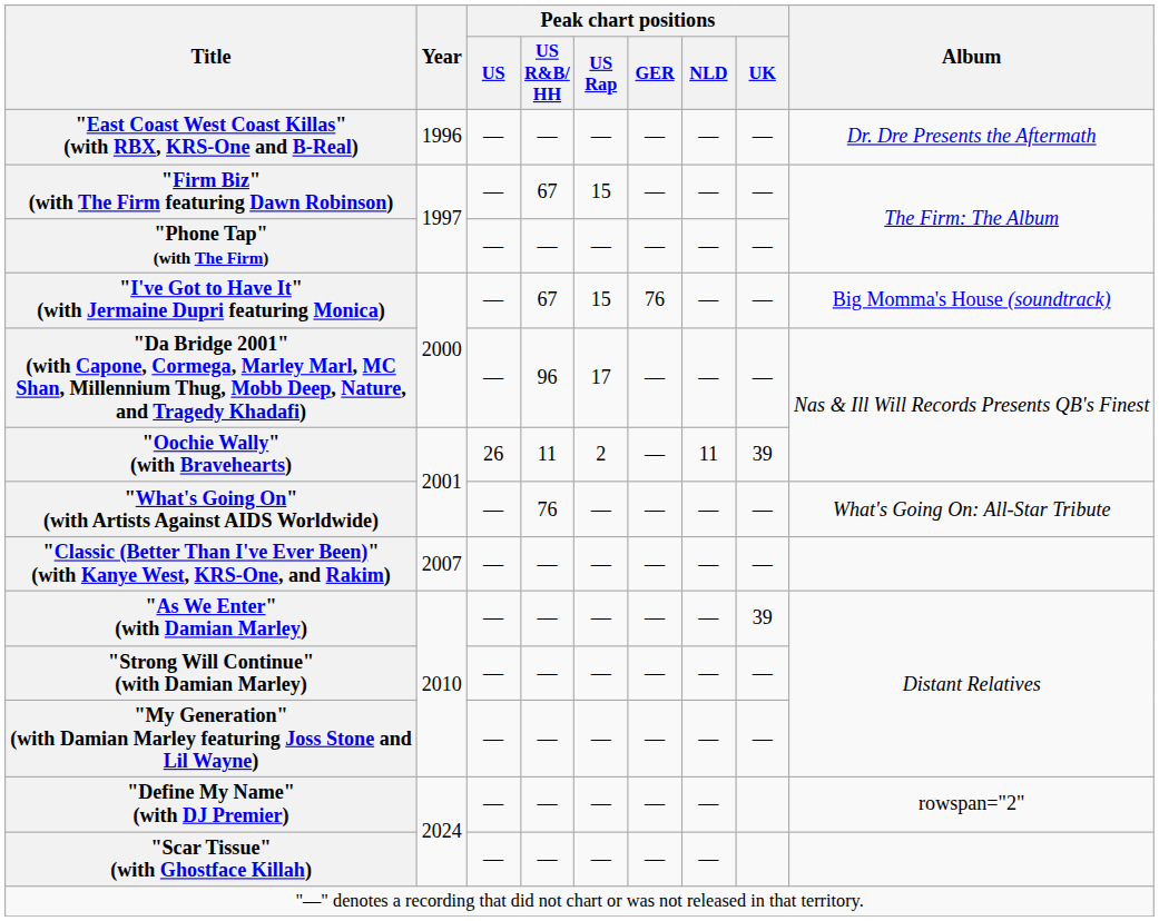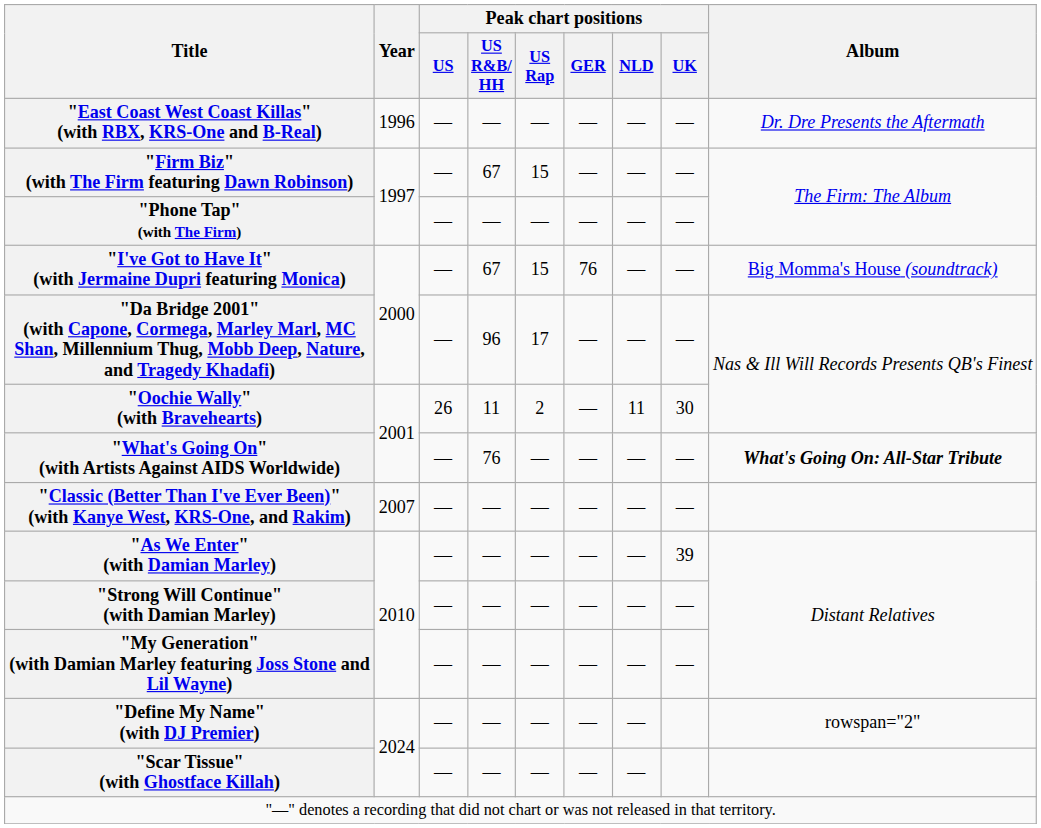 <table class="wikitable plainrowheaders" style="text-align:center;">
 <tr>
 <th scope="col" rowspan="2" style="width:20em;">Title</th>
 <th scope="col" rowspan="2">Year</th>
 <th scope="col" colspan="6">Peak chart positions</th>
 <th scope="col" rowspan="2">Album</th>
 </tr>
 <tr>
 <th scope="col" style="width:2.5em;font-size:90%;"><a href='#'>US</a><br></th>
 <th scope="col" style="width:2.5em;font-size:90%;"><a href='#'>US<br>R&B/<br>HH</a><br></th>
 <th scope="col" style="width:2.5em;font-size:90%;"><a href='#'>US<br>Rap</a><br></th>
 <th scope="col" style="width:2.5em;font-size:90%;"><a href='#'>GER</a><br></th>
 <th scope="col" style="width:2.5em;font-size:90%;"><a href='#'>NLD</a><br></th>
 <th scope="col" style="width:2.5em;font-size:90%;"><a href='#'>UK</a><br></th>
 </tr>
 <tr>
 <th scope="row">"<a href='#'>East Coast West Coast Killas</a>"<br><span>(with <a href='#'>RBX</a>, <a href='#'>KRS-One</a> and <a href='#'>B-Real</a>)</span></th>
 <td>1996</td>
 <td>—</td>
 <td>—</td>
 <td>—</td>
 <td>—</td>
 <td>—</td>
 <td>—</td>
 <td><em><a href='#'>Dr. Dre Presents the Aftermath</a></em></td>
 </tr>
 <tr>
 <th scope="row">"<a href='#'>Firm Biz</a>"<br><span>(with <a href='#'>The Firm</a> featuring <a href='#'>Dawn Robinson</a>)</span></th>
 <td rowspan="2">1997</td>
 <td>—</td>
 <td>67</td>
 <td>15</td>
 <td>—</td>
 <td>—</td>
 <td>—</td>
 <td rowspan="2"><em><a href='#'>The Firm: The Album</a></em></td>
 </tr>
 <tr>
 <th scope="row">"Phone Tap"<br><small>(with <a href='#'>The Firm</a>)</small></th>
 <td>—</td>
 <td>—</td>
 <td>—</td>
 <td>—</td>
 <td>—</td>
 <td>—</td>
 </tr>
 <tr>
 <th scope="row">"<a href='#'>I've Got to Have It</a>"<br><span>(with <a href='#'>Jermaine Dupri</a> featuring <a href='#'>Monica</a>)</span></th>
 <td rowspan="2">2000</td>
 <td>—</td>
 <td>67</td>
 <td>15</td>
 <td>76</td>
 <td>—</td>
 <td>—</td>
 <td><em><a href='#'></em>Big Momma's House<em> (soundtrack)</a></em></td>
 </tr>
 <tr>
 <th scope="row">"Da Bridge 2001"<br><span>(with <a href='#'>Capone</a>, <a href='#'>Cormega</a>, <a href='#'>Marley Marl</a>, <a href='#'>MC Shan</a>, Millennium Thug, <a href='#'>Mobb Deep</a>, <a href='#'>Nature</a>, and <a href='#'>Tragedy Khadafi</a>)</span></th>
 <td>—</td>
 <td>96</td>
 <td>17</td>
 <td>—</td>
 <td>—</td>
 <td>—</td>
 <td rowspan="2"><em>Nas & Ill Will Records Presents QB's Finest</em></td>
 </tr>
 <tr>
 <th scope="row">"<a href='#'>Oochie Wally</a>"<br><span>(with <a href='#'>Bravehearts</a>)</span></th>
 <td rowspan="2">2001</td>
 <td>26</td>
 <td>11</td>
 <td>2</td>
 <td>—</td>
 <td>11</td>
-<td>39</td>
+<td>30</td>
 </tr>
 <tr>
 <th scope="row">"<a href='#'>What's Going On</a>"<br><span>(with Artists Against AIDS Worldwide)</span></th>
 <td>—</td>
 <td>76</td>
 <td>—</td>
 <td>—</td>
 <td>—</td>
 <td>—</td>
-<td><em>What's Going On: All-Star Tribute</em></td>
+<td><strong><em>What's Going On: All-Star Tribute</em></strong></td>
 </tr>
 <tr>
 <th scope="row">"<a href='#'>Classic (Better Than I've Ever Been)</a>"<br><span>(with <a href='#'>Kanye West</a>, <a href='#'>KRS-One</a>, and <a href='#'>Rakim</a>)</span></th>
 <td>2007</td>
 <td>—</td>
 <td>—</td>
 <td>—</td>
 <td>—</td>
 <td>—</td>
 <td>—</td>
 <td></td>
 </tr>
 <tr>
 <th scope="row">"<a href='#'>As We Enter</a>"<br><span>(with <a href='#'>Damian Marley</a>)</span></th>
 <td rowspan="3">2010</td>
 <td>—</td>
 <td>—</td>
 <td>—</td>
 <td>—</td>
 <td>—</td>
 <td>39</td>
 <td rowspan="3"><em>Distant Relatives</em></td>
 </tr>
 <tr>
 <th scope="row">"Strong Will Continue"<br><span>(with Damian Marley)</span></th>
 <td>—</td>
 <td>—</td>
 <td>—</td>
 <td>—</td>
 <td>—</td>
 <td>—</td>
 </tr>
 <tr>
 <th scope="row">"My Generation"<br><span>(with Damian Marley featuring <a href='#'>Joss Stone</a> and <a href='#'>Lil Wayne</a>)</span></th>
 <td>—</td>
 <td>—</td>
 <td>—</td>
 <td>—</td>
 <td>—</td>
 <td>—</td>
 </tr>
 <tr>
 <th scope="row">"Define My Name"<br><span>(with <a href='#'>DJ Premier</a>)</span></th>
 <td rowspan="2">2024</td>
 <td>—</td>
 <td>—</td>
 <td>—</td>
 <td>—</td>
 <td>—</td>
 <td —></td>
 <td>rowspan="2" </td>
 </tr>
 <tr>
 <th scope="row">"Scar Tissue"<br><span>(with <a href='#'>Ghostface Killah</a>)</span></th>
 <td>—</td>
 <td>—</td>
 <td>—</td>
 <td>—</td>
 <td>—</td>
 <td —></td>
 </tr>
 <tr>
 <td colspan="14" style="font-size:90%">"—" denotes a recording that did not chart or was not released in that territory.</td>
 </tr>
 </table>
